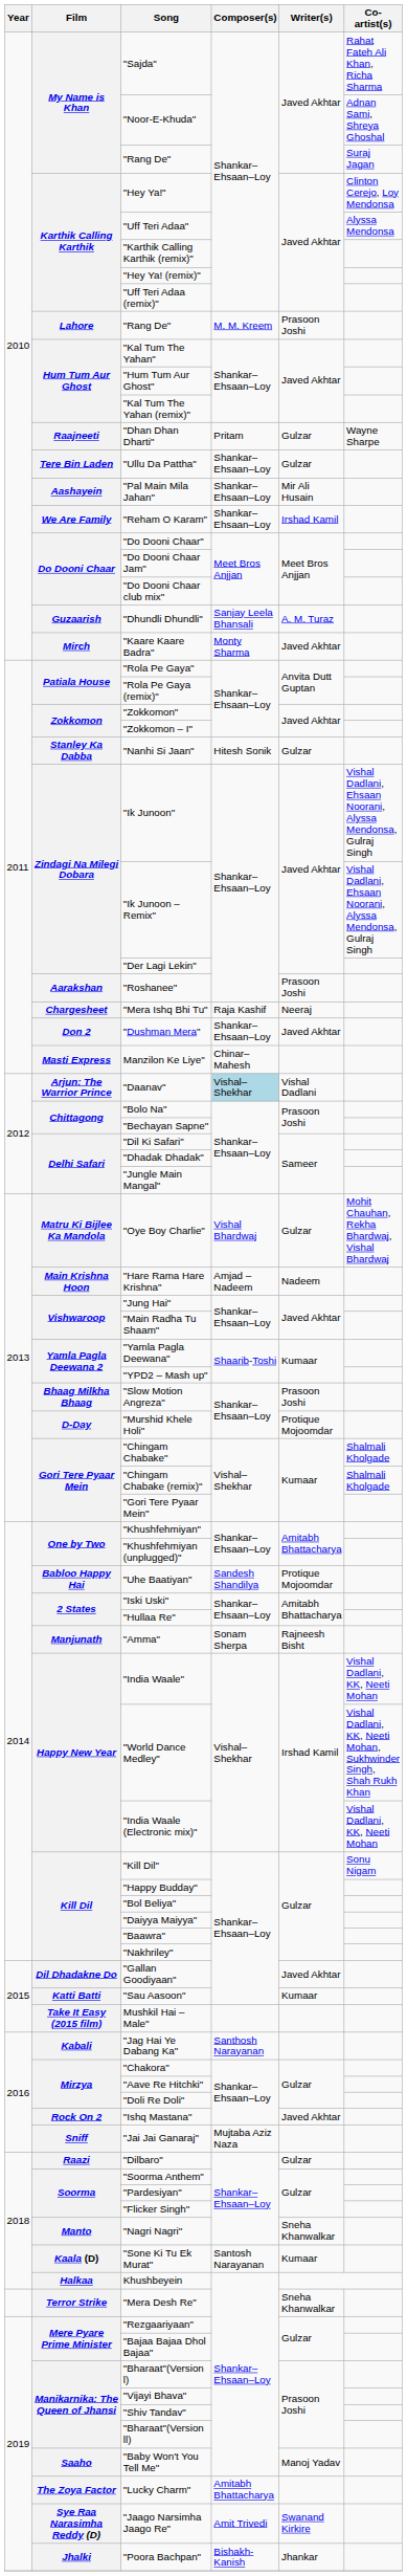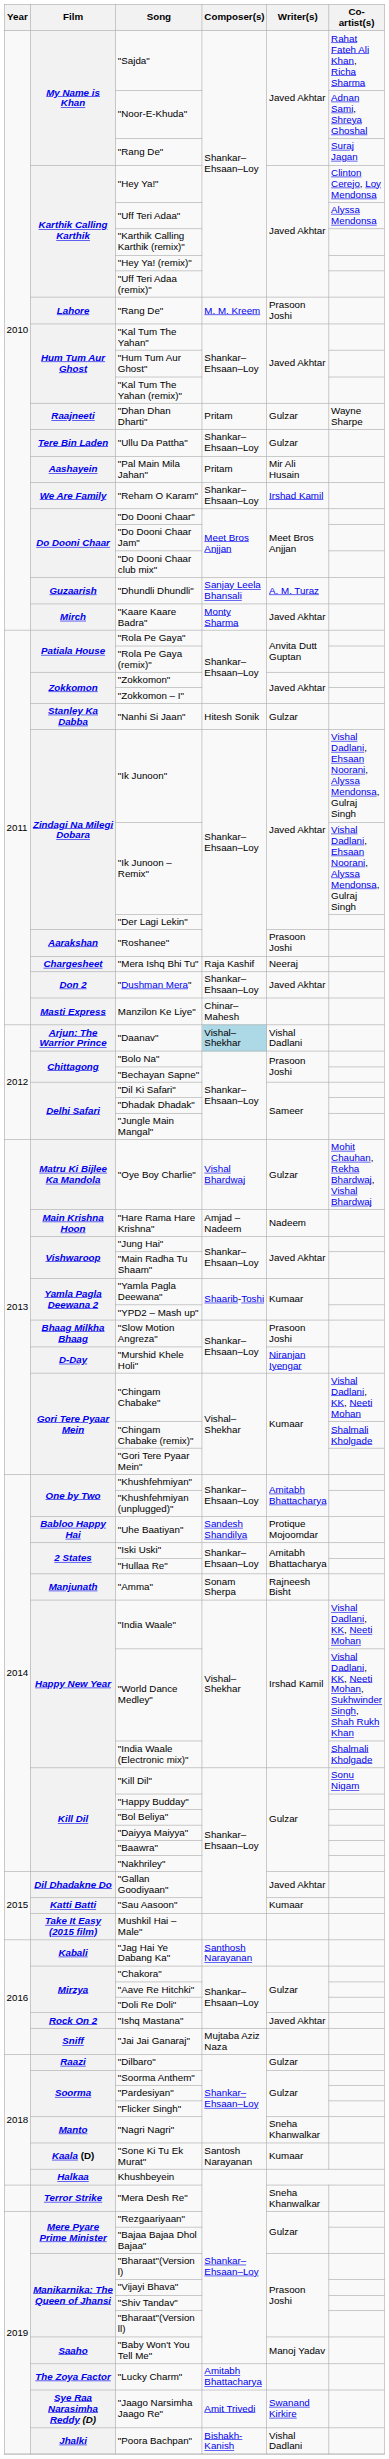 <table class="wikitable plainrowheaders" width="100%" textcolor:#000;">
 <tr style="background:#b0e0e66;">
 <th scope="col" width=5%><strong>Year</strong></th>
 <th scope="col" width=23%><strong>Film</strong></th>
 <th scope="col" width=23%><strong>Song</strong></th>
 <th scope="col" width=15%><strong>Composer(s)</strong></th>
 <th scope="col" width=16%><strong>Writer(s)</strong></th>
 <th><strong>Co-artist(s)</strong></th>
 </tr>
 <tr>
 <td rowspan="21">2010</td>
 <th rowspan="3"><em><a href='#'>My Name is Khan</a></em></th>
 <td>"Sajda"</td>
 <td rowspan="8">Shankar–Ehsaan–Loy</td>
 <td rowspan="3">Javed Akhtar</td>
 <td><a href='#'>Rahat Fateh Ali Khan</a>, <a href='#'>Richa Sharma</a></td>
 </tr>
 <tr>
 <td>"Noor-E-Khuda"</td>
 <td><a href='#'>Adnan Sami</a>, <a href='#'>Shreya Ghoshal</a></td>
 </tr>
 <tr>
 <td>"Rang De"</td>
 <td><a href='#'>Suraj Jagan</a></td>
 </tr>
 <tr>
 <th rowspan="5"><em><a href='#'>Karthik Calling Karthik</a></em></th>
 <td>"Hey Ya!"</td>
 <td rowspan="5">Javed Akhtar</td>
 <td><a href='#'>Clinton Cerejo</a>, <a href='#'>Loy Mendonsa</a></td>
 </tr>
 <tr>
 <td>"Uff Teri Adaa"</td>
 <td><a href='#'>Alyssa Mendonsa</a></td>
 </tr>
 <tr>
 <td>"Karthik Calling Karthik (remix)"</td>
 <td></td>
 </tr>
 <tr>
 <td>"Hey Ya! (remix)"</td>
 <td></td>
 </tr>
 <tr>
 <td>"Uff Teri Adaa (remix)"</td>
 <td></td>
 </tr>
 <tr>
 <th><em><a href='#'>Lahore</a></em></th>
 <td>"Rang De"</td>
 <td><a href='#'>M. M. Kreem</a></td>
 <td>Prasoon Joshi</td>
 <td></td>
 </tr>
 <tr>
 <th rowspan="3"><em><a href='#'>Hum Tum Aur Ghost</a></em></th>
 <td>"Kal Tum The Yahan"</td>
 <td rowspan="3">Shankar–Ehsaan–Loy</td>
 <td rowspan="3">Javed Akhtar</td>
 <td></td>
 </tr>
 <tr>
 <td>"Hum Tum Aur Ghost"</td>
 <td></td>
 </tr>
 <tr>
 <td>"Kal Tum The Yahan (remix)"</td>
 <td></td>
 </tr>
 <tr>
 <th><em><a href='#'>Raajneeti</a></em></th>
 <td>"Dhan Dhan Dharti"</td>
 <td>Pritam</td>
 <td>Gulzar</td>
 <td>Wayne Sharpe</td>
 </tr>
 <tr>
 <th><em><a href='#'>Tere Bin Laden</a></em></th>
 <td>"Ullu Da Pattha"</td>
 <td>Shankar–Ehsaan–Loy</td>
 <td>Gulzar</td>
 <td></td>
 </tr>
 <tr>
 <th><em><a href='#'>Aashayein</a></em></th>
 <td>"Pal Main Mila Jahan"</td>
-<td>Shankar–Ehsaan–Loy</td>
+<td>Pritam</td>
 <td>Mir Ali Husain</td>
 <td></td>
 </tr>
 <tr>
 <th><em><a href='#'>We Are Family</a></em></th>
 <td>"Reham O Karam"</td>
 <td>Shankar–Ehsaan–Loy</td>
 <td><a href='#'>Irshad Kamil</a></td>
 <td></td>
 </tr>
 <tr>
 <th rowspan="3"><em><a href='#'>Do Dooni Chaar</a></em></th>
 <td>"Do Dooni Chaar"</td>
 <td rowspan="3"><a href='#'>Meet Bros Anjjan</a></td>
 <td rowspan="3">Meet Bros Anjjan</td>
 <td></td>
 </tr>
 <tr>
 <td>"Do Dooni Chaar Jam"</td>
 <td></td>
 </tr>
 <tr>
 <td>"Do Dooni Chaar club mix"</td>
 <td></td>
 </tr>
 <tr>
 <th><em><a href='#'>Guzaarish</a></em></th>
 <td>"Dhundli Dhundli"</td>
 <td><a href='#'>Sanjay Leela Bhansali</a></td>
 <td><a href='#'>A. M. Turaz</a></td>
 <td></td>
 </tr>
 <tr>
 <th><em><a href='#'>Mirch</a></em></th>
 <td>"Kaare Kaare Badra"</td>
 <td><a href='#'>Monty Sharma</a></td>
 <td>Javed Akhtar</td>
 <td></td>
 </tr>
 <tr>
 <td rowspan="12">2011</td>
 <th rowspan="2"><em><a href='#'>Patiala House</a></em></th>
 <td>"Rola Pe Gaya"</td>
 <td rowspan="4">Shankar–Ehsaan–Loy</td>
 <td rowspan="2">Anvita Dutt Guptan</td>
 <td></td>
 </tr>
 <tr>
 <td>"Rola Pe Gaya (remix)"</td>
 <td></td>
 </tr>
 <tr>
 <th rowspan="2"><em><a href='#'>Zokkomon</a></em></th>
 <td>"Zokkomon"</td>
 <td rowspan="2">Javed Akhtar</td>
 <td></td>
 </tr>
 <tr>
 <td>"Zokkomon – I"</td>
 <td></td>
 </tr>
 <tr>
 <th><em><a href='#'>Stanley Ka Dabba</a></em></th>
 <td>"Nanhi Si Jaan"</td>
 <td>Hitesh Sonik</td>
 <td>Gulzar</td>
 <td></td>
 </tr>
 <tr>
 <th rowspan="3"><em><a href='#'>Zindagi Na Milegi Dobara</a></em></th>
 <td>"Ik Junoon"</td>
 <td rowspan="4">Shankar–Ehsaan–Loy</td>
 <td rowspan="3">Javed Akhtar</td>
 <td><a href='#'>Vishal Dadlani</a>, <a href='#'>Ehsaan Noorani</a>, <a href='#'>Alyssa Mendonsa</a>, Gulraj Singh</td>
 </tr>
 <tr>
 <td>"Ik Junoon – Remix"</td>
 <td><a href='#'>Vishal Dadlani</a>, <a href='#'>Ehsaan Noorani</a>, <a href='#'>Alyssa Mendonsa</a>, Gulraj Singh</td>
 </tr>
 <tr>
 <td>"Der Lagi Lekin"</td>
 <td></td>
 </tr>
 <tr>
 <th><em><a href='#'>Aarakshan</a></em></th>
 <td>"Roshanee"</td>
 <td>Prasoon Joshi</td>
 <td></td>
 </tr>
 <tr>
 <th><em><a href='#'>Chargesheet</a></em></th>
 <td>"Mera Ishq Bhi Tu"</td>
 <td>Raja Kashif</td>
 <td>Neeraj</td>
 <td></td>
 </tr>
 <tr>
 <th><em><a href='#'>Don 2</a></em></th>
 <td>"<a href='#'>Dushman Mera</a>"</td>
 <td>Shankar–Ehsaan–Loy</td>
 <td>Javed Akhtar</td>
 <td></td>
 </tr>
 <tr>
 <th><em><a href='#'>Masti Express</a></em></th>
 <td>Manzilon Ke Liye"</td>
 <td>Chinar–Mahesh</td>
 <td></td>
 <td></td>
 </tr>
 <tr>
 <td rowspan="6">2012</td>
 <th><em><a href='#'>Arjun: The Warrior Prince</a></em></th>
 <td>"Daanav"</td>
 <td style="background: lightblue;">Vishal–Shekhar</td>
 <td>Vishal Dadlani</td>
 <td></td>
 </tr>
 <tr>
 <th rowspan="2"><em><a href='#'>Chittagong</a></em></th>
 <td>"Bolo Na"</td>
 <td rowspan="5">Shankar–Ehsaan–Loy</td>
 <td rowspan="2">Prasoon Joshi</td>
 <td></td>
 </tr>
 <tr>
 <td>"Bechayan Sapne"</td>
 <td></td>
 </tr>
 <tr>
 <th rowspan="3"><em><a href='#'>Delhi Safari</a></em></th>
 <td>"Dil Ki Safari"</td>
 <td rowspan="3">Sameer</td>
 <td></td>
 </tr>
 <tr>
 <td>"Dhadak Dhadak"</td>
 <td></td>
 </tr>
 <tr>
 <td>"Jungle Main Mangal"</td>
 <td></td>
 </tr>
 <tr>
 <td rowspan="11">2013</td>
 <th><em><a href='#'>Matru Ki Bijlee Ka Mandola</a></em></th>
 <td>"Oye Boy Charlie"</td>
 <td><a href='#'>Vishal Bhardwaj</a></td>
 <td>Gulzar</td>
 <td><a href='#'>Mohit Chauhan</a>, <a href='#'>Rekha Bhardwaj</a>, <a href='#'>Vishal Bhardwaj</a></td>
 </tr>
 <tr>
 <th><em><a href='#'>Main Krishna Hoon</a></em></th>
 <td>"Hare Rama Hare Krishna"</td>
 <td>Amjad – Nadeem</td>
 <td>Nadeem</td>
 <td></td>
 </tr>
 <tr>
 <th rowspan="2"><em><a href='#'>Vishwaroop</a></em></th>
 <td>"Jung Hai"</td>
 <td rowspan="2">Shankar–Ehsaan–Loy</td>
 <td rowspan="2">Javed Akhtar</td>
 <td></td>
 </tr>
 <tr>
 <td>"Main Radha Tu Shaam"</td>
 <td></td>
 </tr>
 <tr>
 <th rowspan="2"><em><a href='#'>Yamla Pagla Deewana 2</a></em></th>
 <td>"Yamla Pagla Deewana"</td>
 <td rowspan="2"><a href='#'>Shaarib</a>-<a href='#'>Toshi</a></td>
 <td rowspan="2">Kumaar</td>
 <td></td>
 </tr>
 <tr>
 <td>"YPD2 – Mash up"</td>
 <td></td>
 </tr>
 <tr>
 <th><em><a href='#'>Bhaag Milkha Bhaag</a></em></th>
 <td>"Slow Motion Angreza"</td>
 <td rowspan="2">Shankar–Ehsaan–Loy</td>
 <td>Prasoon Joshi</td>
 <td></td>
 </tr>
 <tr>
 <th><em><a href='#'>D-Day</a></em></th>
 <td>"Murshid Khele Holi"</td>
-<td>Protique Mojoomdar</td>
+<td><a href='#'>Niranjan Iyengar</a></td>
 <td></td>
 </tr>
 <tr>
 <th rowspan="3"><em><a href='#'>Gori Tere Pyaar Mein</a></em></th>
 <td>"Chingam Chabake"</td>
 <td rowspan="3">Vishal–Shekhar</td>
 <td rowspan="3">Kumaar</td>
-<td><a href='#'>Shalmali Kholgade</a></td>
+<td><a href='#'>Vishal Dadlani</a>, <a href='#'>KK</a>, <a href='#'>Neeti Mohan</a></td>
 </tr>
 <tr>
 <td>"Chingam Chabake (remix)"</td>
 <td><a href='#'>Shalmali Kholgade</a></td>
 </tr>
 <tr>
 <td>"Gori Tere Pyaar Mein"</td>
 <td></td>
 </tr>
 <tr>
 <td rowspan="15">2014</td>
 <th rowspan="2"><em><a href='#'>One by Two</a></em></th>
 <td>"Khushfehmiyan"</td>
 <td rowspan="2">Shankar–Ehsaan–Loy</td>
 <td rowspan="2"><a href='#'>Amitabh Bhattacharya</a></td>
 <td></td>
 </tr>
 <tr>
 <td>"Khushfehmiyan (unplugged)"</td>
 <td></td>
 </tr>
 <tr>
 <th><em><a href='#'>Babloo Happy Hai</a></em></th>
 <td>"Uhe Baatiyan"</td>
 <td><a href='#'>Sandesh Shandilya</a></td>
 <td>Protique Mojoomdar</td>
 <td></td>
 </tr>
 <tr>
 <th rowspan="2"><em><a href='#'>2 States</a></em></th>
 <td>"Iski Uski"</td>
 <td rowspan="2">Shankar–Ehsaan–Loy</td>
 <td rowspan="2">Amitabh Bhattacharya</td>
 <td></td>
 </tr>
 <tr>
 <td>"Hullaa Re"</td>
 <td></td>
 </tr>
 <tr>
 <th><em><a href='#'>Manjunath</a></em></th>
 <td>"Amma"</td>
 <td>Sonam Sherpa</td>
 <td>Rajneesh Bisht</td>
 <td></td>
 </tr>
 <tr>
 <th rowspan="3"><em><a href='#'>Happy New Year</a></em></th>
 <td>"India Waale"</td>
 <td rowspan="3">Vishal–Shekhar</td>
 <td rowspan="3">Irshad Kamil</td>
 <td><a href='#'>Vishal Dadlani</a>, <a href='#'>KK</a>, <a href='#'>Neeti Mohan</a></td>
 </tr>
 <tr>
 <td>"World Dance Medley"</td>
 <td><a href='#'>Vishal Dadlani</a>, <a href='#'>KK</a>, <a href='#'>Neeti Mohan</a>, <a href='#'>Sukhwinder Singh</a>, <a href='#'>Shah Rukh Khan</a></td>
 </tr>
 <tr>
 <td>"India Waale (Electronic mix)"</td>
-<td><a href='#'>Vishal Dadlani</a>, <a href='#'>KK</a>, <a href='#'>Neeti Mohan</a></td>
+<td><a href='#'>Shalmali Kholgade</a></td>
 </tr>
 <tr>
 <th rowspan="6"><em><a href='#'>Kill Dil</a></em></th>
 <td>"Kill Dil"</td>
 <td rowspan="8">Shankar–Ehsaan–Loy</td>
 <td rowspan="6">Gulzar</td>
 <td><a href='#'>Sonu Nigam</a></td>
 </tr>
 <tr>
 <td>"Happy Budday"</td>
 <td></td>
 </tr>
 <tr>
 <td>"Bol Beliya"</td>
 <td></td>
 </tr>
 <tr>
 <td>"Daiyya Maiyya"</td>
 <td></td>
 </tr>
 <tr>
 <td>"Baawra"</td>
 <td></td>
 </tr>
 <tr>
 <td>"Nakhriley"</td>
 <td></td>
 </tr>
 <tr>
 <td rowspan="3">2015</td>
 <th><em><a href='#'>Dil Dhadakne Do</a></em></th>
 <td>"Gallan Goodiyaan"</td>
 <td>Javed Akhtar</td>
 <td></td>
 </tr>
 <tr>
 <th><em><a href='#'>Katti Batti</a></em></th>
 <td>"Sau Aasoon"</td>
 <td>Kumaar</td>
 <td></td>
 </tr>
 <tr>
 <th><em><a href='#'>Take It Easy (2015 film)</a></em></th>
 <td>Mushkil Hai – Male"</td>
 <td></td>
 <td></td>
 <td></td>
 </tr>
 <tr>
 <td rowspan="6">2016</td>
 <th><em><a href='#'>Kabali</a></em></th>
 <td>"Jag Hai Ye Dabang Ka"</td>
 <td><a href='#'>Santhosh Narayanan</a></td>
 <td></td>
 <td></td>
 </tr>
 <tr>
 <th rowspan="3"><em><a href='#'>Mirzya</a></em></th>
 <td>"Chakora"</td>
 <td rowspan="4">Shankar–Ehsaan–Loy</td>
 <td rowspan="3">Gulzar</td>
 <td></td>
 </tr>
 <tr>
 <td>"Aave Re Hitchki"</td>
 <td></td>
 </tr>
 <tr>
 <td>"Doli Re Doli"</td>
 <td></td>
 </tr>
 <tr>
 <th><em><a href='#'>Rock On 2</a></em></th>
 <td>"Ishq Mastana"</td>
 <td>Javed Akhtar</td>
 <td></td>
 </tr>
 <tr>
 <th><em><a href='#'>Sniff</a></em></th>
 <td>"Jai Jai Ganaraj"</td>
 <td>Mujtaba Aziz Naza</td>
 <td></td>
 <td></td>
 </tr>
 <tr>
 <td rowspan="7">2018</td>
 <th><em><a href='#'>Raazi</a></em></th>
 <td>"Dilbaro"</td>
 <td rowspan="5"><a href='#'>Shankar–Ehsaan–Loy</a></td>
 <td>Gulzar</td>
 <td></td>
 </tr>
 <tr>
 <th rowspan="3"><em><a href='#'>Soorma</a></em></th>
 <td>"Soorma Anthem"</td>
 <td rowspan="3">Gulzar</td>
 <td></td>
 </tr>
 <tr>
 <td>"Pardesiyan"</td>
 <td></td>
 </tr>
 <tr>
 <td>"Flicker Singh"</td>
 <td></td>
 </tr>
 <tr>
 <th><em><a href='#'>Manto</a></em></th>
 <td>"Nagri Nagri"</td>
 <td>Sneha Khanwalkar</td>
 <td></td>
 </tr>
 <tr>
 <th><em><a href='#'>Kaala</a></em> (D)</th>
 <td>"Sone Ki Tu Ek Murat"</td>
 <td>Santosh Narayanan</td>
 <td>Kumaar</td>
 <td></td>
 </tr>
 <tr>
 <th><em><a href='#'>Halkaa</a></em></th>
 <td>Khushbeyein</td>
 <td rowspan="9"><a href='#'>Shankar–Ehsaan–Loy</a></td>
 </tr>
 <tr>
 <td></td>
 <th><em><a href='#'>Terror Strike</a></em></th>
 <td>"Mera Desh Re"</td>
 <td>Sneha Khanwalkar</td>
 <td></td>
 </tr>
 <tr>
 <td rowspan="10">2019</td>
 <th rowspan="2"><em><a href='#'>Mere Pyare Prime Minister</a></em></th>
 <td>"Rezgaariyaan"</td>
 <td rowspan="2">Gulzar</td>
 <td></td>
 </tr>
 <tr>
 <td>"Bajaa Bajaa Dhol Bajaa"</td>
 <td></td>
 </tr>
 <tr>
 <th rowspan="4"><em><a href='#'>Manikarnika: The Queen of Jhansi</a></em></th>
 <td>"Bharaat"(Version l)</td>
 <td rowspan="4">Prasoon Joshi</td>
 <td></td>
 </tr>
 <tr>
 <td>"Vijayi Bhava"</td>
 <td></td>
 </tr>
 <tr>
 <td>"Shiv Tandav"</td>
 <td></td>
 </tr>
 <tr>
 <td>"Bharaat"(Version ll)</td>
 <td></td>
 </tr>
 <tr>
 <th><em><a href='#'>Saaho</a></em></th>
 <td>"Baby Won't You Tell Me"</td>
 <td>Manoj Yadav</td>
 <td></td>
 </tr>
 <tr>
 <th><em><a href='#'>The Zoya Factor</a></em></th>
 <td>"Lucky Charm"</td>
 <td><a href='#'>Amitabh Bhattacharya</a></td>
 <td></td>
 </tr>
 <tr>
 <th><em><a href='#'>Sye Raa Narasimha Reddy</a> (D)</em></th>
 <td>"Jaago Narsimha Jaago Re"</td>
 <td><a href='#'>Amit Trivedi</a></td>
 <td><a href='#'>Swanand Kirkire</a></td>
 <td></td>
 </tr>
 <tr>
 <th><em><a href='#'>Jhalki</a></em></th>
 <td>"Poora Bachpan"</td>
 <td><a href='#'>Bishakh-Kanish</a></td>
-<td>Jhankar</td>
+<td>Vishal Dadlani</td>
 <td></td>
 </tr>
 <tr>
 </tr>
 </table>
